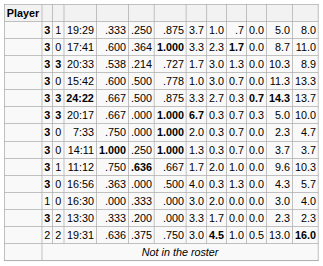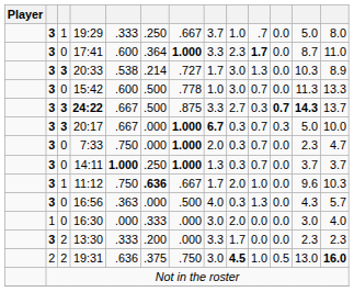 <table class="wikitable sortable" style="font-size:95%; text-align:right;">
 <tr>
 <th>Player</th>
 <th></th>
 <th></th>
 <th></th>
 <th></th>
 <th></th>
 <th></th>
 <th></th>
 <th></th>
 <th></th>
 <th></th>
 <th></th>
 <th></th>
 </tr>
 <tr>
 <td><strong></strong></td>
 <td><strong>3</strong></td>
 <td>1</td>
 <td>19:29</td>
 <td>.333 </td>
 <td>.250 </td>
-<td>.875 </td>
+<td>.667 </td>
 <td>3.7</td>
 <td>1.0</td>
 <td>.7</td>
 <td>0.0</td>
 <td>5.0</td>
 <td>8.0</td>
 </tr>
 <tr>
 <td><strong></strong></td>
 <td><strong>3</strong></td>
 <td>0</td>
 <td>17:41</td>
 <td>.600 </td>
 <td>.364 </td>
 <td><strong>1.000</strong> </td>
 <td>3.3</td>
 <td>2.3</td>
 <td><strong>1.7</strong></td>
 <td>0.0</td>
 <td>8.7</td>
 <td>11.0</td>
 </tr>
 <tr>
 <td><strong></strong></td>
 <td><strong>3</strong></td>
 <td><strong>3</strong></td>
 <td>20:33</td>
 <td>.538 </td>
 <td>.214 </td>
 <td>.727 </td>
 <td>1.7</td>
 <td>3.0</td>
 <td>1.3</td>
 <td>0.0</td>
 <td>10.3</td>
 <td>8.9</td>
 </tr>
 <tr>
 <td><strong></strong></td>
 <td><strong>3</strong></td>
 <td>0</td>
 <td>15:42</td>
 <td>.600 </td>
 <td>.500 </td>
 <td>.778 </td>
 <td>1.0</td>
 <td>3.0</td>
 <td>0.7</td>
 <td>0.0</td>
 <td>11.3</td>
 <td>13.3</td>
 </tr>
 <tr>
 <td><strong></strong></td>
 <td><strong>3</strong></td>
 <td><strong>3</strong></td>
 <td><strong>24:22</strong></td>
 <td>.667 </td>
 <td>.500 </td>
 <td>.875 </td>
 <td>3.3</td>
 <td>2.7</td>
 <td>0.3</td>
 <td><strong>0.7</strong></td>
 <td><strong>14.3</strong></td>
 <td>13.7</td>
 </tr>
 <tr>
 <td><strong></strong></td>
 <td><strong>3</strong></td>
 <td><strong>3</strong></td>
 <td>20:17</td>
 <td>.667 </td>
 <td>.000 </td>
 <td><strong>1.000</strong> </td>
 <td><strong>6.7</strong></td>
 <td>0.3</td>
 <td>0.7</td>
 <td>0.3</td>
 <td>5.0</td>
 <td>10.0</td>
 </tr>
 <tr>
 <td><strong></strong></td>
 <td><strong>3</strong></td>
 <td>0</td>
 <td>7:33</td>
 <td>.750 </td>
 <td>.000 </td>
 <td><strong>1.000</strong> </td>
 <td>2.0</td>
 <td>0.3</td>
 <td>0.7</td>
 <td>0.0</td>
 <td>2.3</td>
 <td>4.7</td>
 </tr>
 <tr>
 <td><strong></strong></td>
 <td><strong>3</strong></td>
 <td>0</td>
 <td>14:11</td>
 <td><strong>1.000</strong> </td>
 <td>.250 </td>
 <td><strong>1.000</strong> </td>
 <td>1.3</td>
 <td>0.3</td>
 <td>0.7</td>
 <td>0.0</td>
 <td>3.7</td>
 <td>3.7</td>
 </tr>
 <tr>
 <td><strong></strong></td>
 <td><strong>3</strong></td>
 <td>1</td>
 <td>11:12</td>
 <td>.750 </td>
 <td><strong>.636</strong> </td>
 <td>.667 </td>
 <td>1.7</td>
 <td>2.0</td>
 <td>1.0</td>
 <td>0.0</td>
 <td>9.6</td>
 <td>10.3</td>
 </tr>
 <tr>
 <td><strong></strong></td>
 <td><strong>3</strong></td>
 <td>0</td>
 <td>16:56</td>
 <td>.363 </td>
 <td>.000 </td>
 <td>.500 </td>
 <td>4.0</td>
 <td>0.3</td>
 <td>1.3</td>
 <td>0.0</td>
 <td>4.3</td>
 <td>5.7</td>
 </tr>
 <tr>
 <td><strong></strong></td>
 <td>1</td>
 <td>0</td>
 <td>16:30</td>
 <td>.000 </td>
 <td>.333 </td>
 <td>.000 </td>
 <td>3.0</td>
 <td>2.0</td>
 <td>0.0</td>
 <td>0.0</td>
 <td>3.0</td>
 <td>4.0</td>
 </tr>
 <tr>
 <td><strong></strong></td>
 <td><strong>3</strong></td>
 <td>2</td>
 <td>13:30</td>
 <td>.333 </td>
 <td>.200 </td>
 <td>.000 </td>
 <td>3.3</td>
 <td>1.7</td>
 <td>0.0</td>
 <td>0.0</td>
 <td>2.3</td>
 <td>2.3</td>
 </tr>
 <tr>
 <td><strong></strong></td>
 <td>2</td>
 <td>2</td>
 <td>19:31</td>
 <td>.636 </td>
 <td>.375 </td>
 <td>.750 </td>
 <td>3.0</td>
 <td><strong>4.5</strong></td>
 <td>1.0</td>
 <td>0.5</td>
 <td>13.0</td>
 <td><strong>16.0</strong></td>
 </tr>
 <tr>
 <td><strong></strong></td>
 <td colspan=12 data-sort-value="-50" style="text-align:center"><em>Not in the roster</em></td>
 </tr>
 <tr>
 </tr>
 </table>
